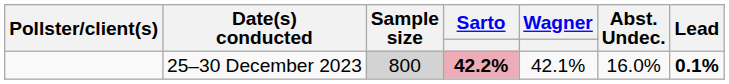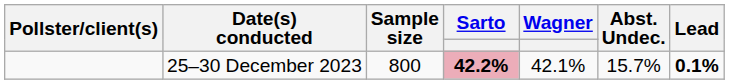 <table class="wikitable" style="text-align:center;font-size:90%;line-height:14px;">
 <tr>
 <th rowspan="2">Pollster/client(s)</th>
 <th rowspan="2">Date(s) <br>conducted</th>
 <th rowspan="2">Sample <br>size</th>
 <th class="unsortable" style="width:50px;"><a href='#'>Sarto</a><br></th>
 <th class="unsortable" style="width:50px;"><a href='#'>Wagner</a><br></th>
 <th rowspan="2">Abst.<br>Undec.</th>
 <th rowspan="2">Lead</th>
 </tr>
 <tr>
 <th data-sort-type="number" class="sortable" style="background:"></th>
 <th data-sort-type="number" class="sortable" style="background:"></th>
 </tr>
 <tr>
 <td></td>
 <td>25–30 December 2023</td>
-<td style="background: lightgrey;">800</td>
+<td>800</td>
 <td style="background:#ecadb9;"><strong>42.2%</strong></td>
 <td>42.1%</td>
-<td>16.0%</td>
+<td>15.7%</td>
 <td style="background:"><strong>0.1%</strong></td>
 </tr>
 </table>
